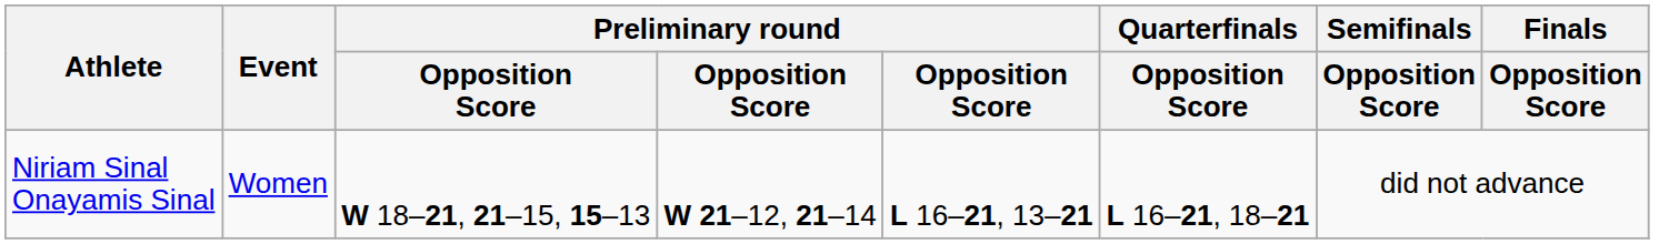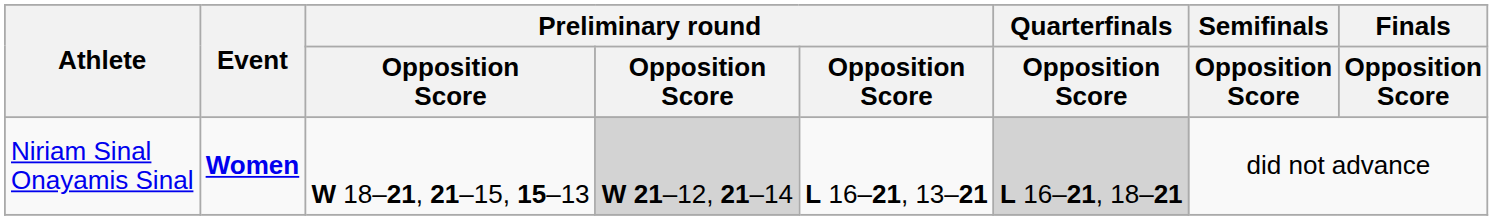 <table class="wikitable" style="font-size:90%">
 <tr>
 <th rowspan=2>Athlete</th>
 <th rowspan=2>Event</th>
 <th colspan=3>Preliminary round</th>
 <th>Quarterfinals</th>
 <th>Semifinals</th>
 <th>Finals</th>
 </tr>
 <tr>
 <th>Opposition<br>Score</th>
 <th>Opposition<br>Score</th>
 <th>Opposition<br>Score</th>
 <th>Opposition<br>Score</th>
 <th>Opposition<br>Score</th>
 <th>Opposition<br>Score</th>
 </tr>
 <tr>
 <td><a href='#'>Niriam Sinal</a><br><a href='#'>Onayamis Sinal</a></td>
-<td><a href='#'>Women</a></td>
+<td><strong><a href='#'>Women</a></strong></td>
 <td align="center"><br><br><strong>W</strong> 18–<strong>21</strong>, <strong>21</strong>–15, <strong>15</strong>–13</td>
-<td align="center"><br><br><strong>W</strong> <strong>21</strong>–12, <strong>21</strong>–14</td>
+<td align="center" style="background: lightgrey;"><br><br><strong>W</strong> <strong>21</strong>–12, <strong>21</strong>–14</td>
 <td align="center"><br><br><strong>L</strong> 16–<strong>21</strong>, 13–<strong>21</strong></td>
-<td align="center"><br><br><strong>L</strong> 16–<strong>21</strong>, 18–<strong>21</strong></td>
+<td align="center" style="background: lightgrey;"><br><br><strong>L</strong> 16–<strong>21</strong>, 18–<strong>21</strong></td>
 <td align="center" colspan="7">did not advance</td>
 </tr>
 </table>
